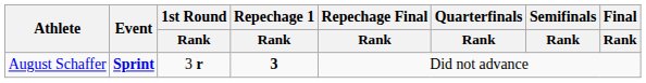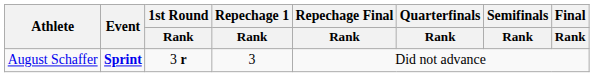 <table class=wikitable style=font-size:90%;text-align:center>
 <tr>
 <th rowspan=2>Athlete</th>
 <th rowspan=2>Event</th>
 <th>1st Round</th>
 <th>Repechage 1</th>
 <th>Repechage Final</th>
 <th>Quarterfinals</th>
 <th>Semifinals</th>
 <th>Final</th>
 </tr>
 <tr style=font-size:95%>
 <th>Rank</th>
 <th>Rank</th>
 <th>Rank</th>
 <th>Rank</th>
 <th>Rank</th>
 <th>Rank</th>
 </tr>
 <tr>
 <td align=left><a href='#'>August Schaffer</a></td>
 <td align=left><strong><a href='#'>Sprint</a></strong></td>
 <td>3 <strong>r</strong></td>
-<td><strong>3</strong></td>
+<td>3</td>
 <td colspan=4>Did not advance</td>
 </tr>
 </table>
